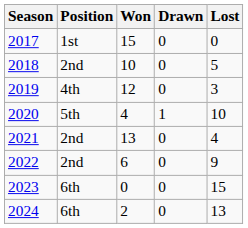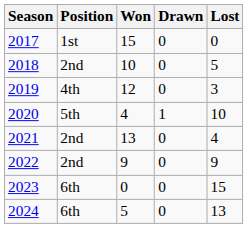 <table class="wikitable collapsible">
 <tr>
 <th>Season</th>
 <th>Position</th>
 <th>Won</th>
 <th>Drawn</th>
 <th>Lost</th>
 </tr>
 <tr style="background-color:#">
 <td><a href='#'>2017</a></td>
 <td>1st</td>
 <td>15</td>
 <td>0</td>
 <td>0</td>
 </tr>
 <tr style="background-color:#">
 <td><a href='#'>2018</a></td>
 <td>2nd</td>
 <td>10</td>
 <td>0</td>
 <td>5</td>
 </tr>
 <tr>
 <td><a href='#'>2019</a></td>
 <td>4th</td>
 <td>12</td>
 <td>0</td>
 <td>3</td>
 </tr>
 <tr>
 <td><a href='#'>2020</a></td>
 <td>5th</td>
 <td>4</td>
 <td>1</td>
 <td>10</td>
 </tr>
 <tr>
 <td><a href='#'>2021</a></td>
 <td>2nd</td>
 <td>13</td>
 <td>0</td>
 <td>4</td>
 </tr>
 <tr>
 <td><a href='#'>2022</a></td>
 <td>2nd</td>
-<td>6</td>
+<td>9</td>
 <td>0</td>
 <td>9</td>
 </tr>
 <tr>
 <td><a href='#'>2023</a></td>
 <td>6th</td>
 <td>0</td>
 <td>0</td>
 <td>15</td>
 </tr>
 <tr>
 <td><a href='#'>2024</a></td>
 <td>6th</td>
-<td>2</td>
+<td>5</td>
 <td>0</td>
 <td>13</td>
 </tr>
 </table>
